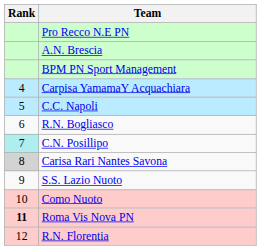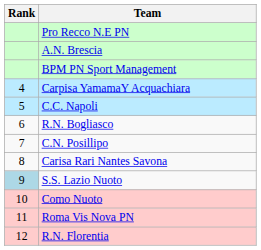 <table class="wikitable">
 <tr>
 <th width=40>Rank</th>
 <th width=290>Team</th>
 </tr>
 <tr bgcolor=#ccffcc>
 <td align="center"> </td>
 <td align="left"> <a href='#'>Pro Recco N.E PN</a></td>
 </tr>
 <tr bgcolor=#ccffcc>
 <td align="center"></td>
 <td align="left"> <a href='#'>A.N. Brescia</a></td>
 </tr>
 <tr bgcolor=#ccffcc>
 <td align="center"></td>
 <td align="left"> <a href='#'>BPM PN Sport Management</a></td>
 </tr>
 <tr bgcolor=#bbebff>
 <td align="center">4</td>
 <td align="left"> <a href='#'>Carpisa YamamaY Acquachiara</a></td>
 </tr>
 <tr bgcolor=#bbebff>
 <td align="center">5</td>
 <td align="left"> <a href='#'>C.C. Napoli</a></td>
 </tr>
 <tr>
 <td align="center">6</td>
 <td align="left"> <a href='#'>R.N. Bogliasco</a></td>
 </tr>
 <tr>
-<td align="center" style="background: paleturquoise;">7</td>
+<td align="center">7</td>
 <td align="left"> <a href='#'>C.N. Posillipo</a></td>
 </tr>
 <tr>
-<td align="center" style="background: lightgrey;">8</td>
+<td align="center">8</td>
 <td align="left"> <a href='#'>Carisa Rari Nantes Savona</a></td>
 </tr>
 <tr>
-<td align="center">9</td>
+<td align="center" style="background: lightblue;">9</td>
 <td align="left"> <a href='#'>S.S. Lazio Nuoto</a></td>
 </tr>
 <tr bgcolor=#ffcccc>
 <td align="center">10</td>
 <td align="left"> <a href='#'>Como Nuoto</a></td>
 </tr>
 <tr bgcolor=#ffcccc>
-<td align="center"><strong>11</strong></td>
+<td align="center">11</td>
 <td align="left"> <a href='#'>Roma Vis Nova PN</a></td>
 </tr>
 <tr bgcolor=#ffcccc>
 <td align="center">12</td>
 <td align="left"> <a href='#'>R.N. Florentia</a></td>
 </tr>
 </table>
